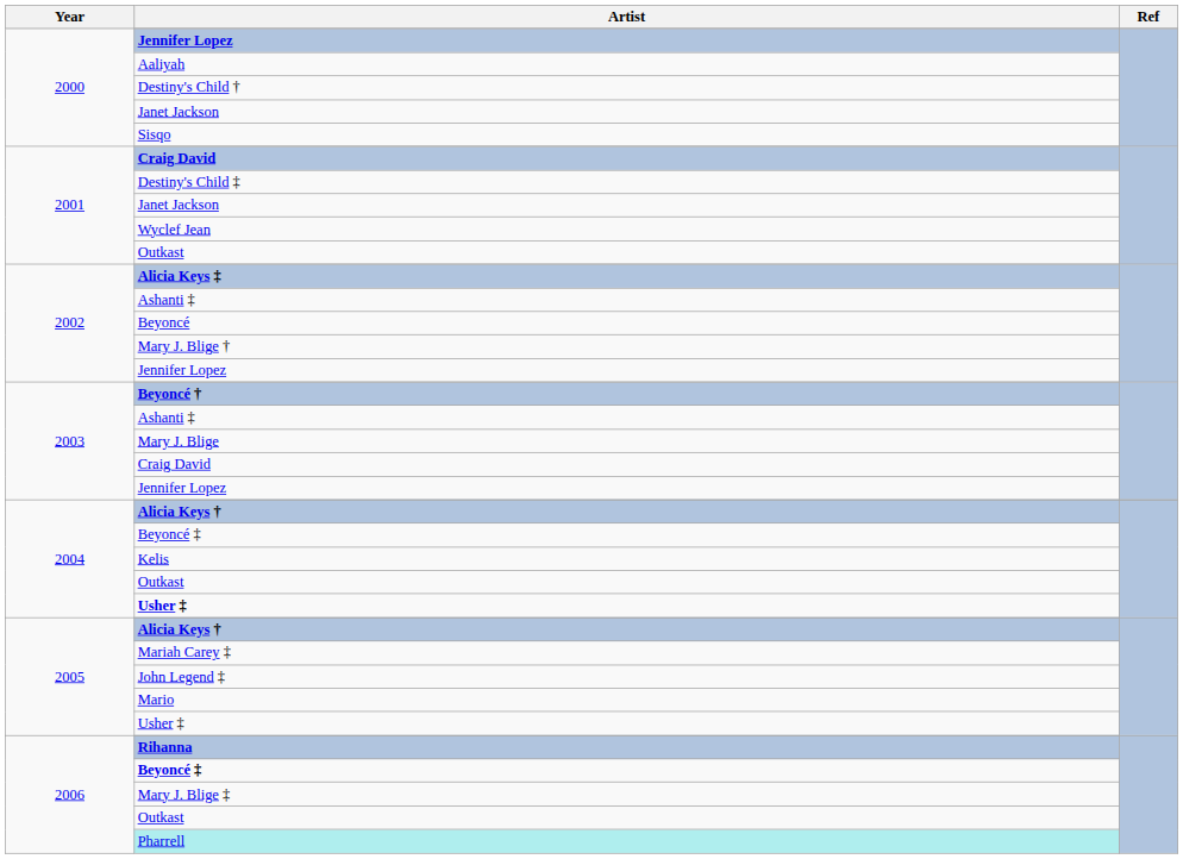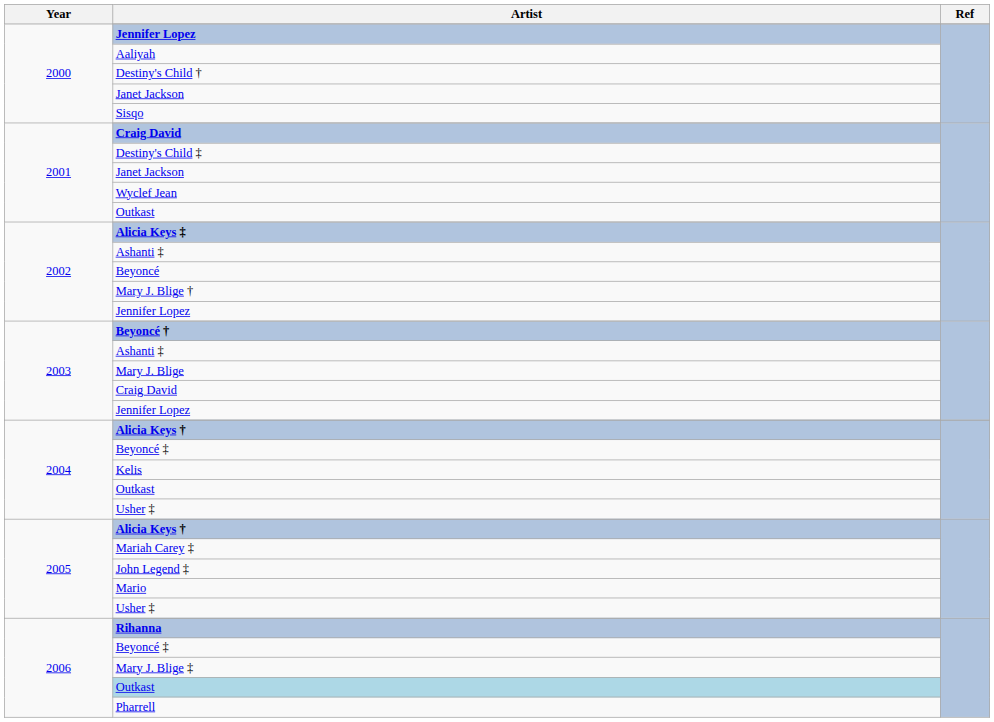 <table class="wikitable" style="width:100%;">
 <tr style="background:#bebebe;">
 <th style="width:11%;">Year</th>
 <th style="width:84%;">Artist</th>
 <th style="width:5%;">Ref</th>
 </tr>
 <tr>
 <td rowspan="6" align="center"><a href='#'>2000</a></td>
 </tr>
 <tr style="background:#B0C4DE">
 <td><strong><a href='#'>Jennifer Lopez</a></strong></td>
 <td rowspan="6" align="center"></td>
 </tr>
 <tr>
 <td><a href='#'>Aaliyah</a></td>
 </tr>
 <tr>
 <td><a href='#'>Destiny's Child</a> †</td>
 </tr>
 <tr>
 <td><a href='#'>Janet Jackson</a></td>
 </tr>
 <tr>
 <td><a href='#'>Sisqo</a></td>
 </tr>
 <tr>
 <td rowspan="6" align="center"><a href='#'>2001</a></td>
 </tr>
 <tr style="background:#B0C4DE">
 <td><strong><a href='#'>Craig David</a></strong></td>
 <td rowspan="6" align="center"></td>
 </tr>
 <tr>
 <td><a href='#'>Destiny's Child</a> ‡</td>
 </tr>
 <tr>
 <td><a href='#'>Janet Jackson</a></td>
 </tr>
 <tr>
 <td><a href='#'>Wyclef Jean</a></td>
 </tr>
 <tr>
 <td><a href='#'>Outkast</a></td>
 </tr>
 <tr>
 <td rowspan="6" align="center"><a href='#'>2002</a></td>
 </tr>
 <tr style="background:#B0C4DE">
 <td><strong><a href='#'>Alicia Keys</a> ‡</strong></td>
 <td rowspan="6" align="center"></td>
 </tr>
 <tr>
 <td><a href='#'>Ashanti</a> ‡</td>
 </tr>
 <tr>
 <td><a href='#'>Beyoncé</a></td>
 </tr>
 <tr>
 <td><a href='#'>Mary J. Blige</a> †</td>
 </tr>
 <tr>
 <td><a href='#'>Jennifer Lopez</a></td>
 </tr>
 <tr>
 <td rowspan="6" align="center"><a href='#'>2003</a></td>
 </tr>
 <tr style="background:#B0C4DE">
 <td><strong><a href='#'>Beyoncé</a> †</strong></td>
 <td rowspan="5" align="center"></td>
 </tr>
 <tr>
 <td><a href='#'>Ashanti</a> ‡</td>
 </tr>
 <tr>
 <td><a href='#'>Mary J. Blige</a></td>
 </tr>
 <tr>
 <td><a href='#'>Craig David</a></td>
 </tr>
 <tr>
 <td><a href='#'>Jennifer Lopez</a></td>
 </tr>
 <tr>
 <td rowspan="6" align="center"><a href='#'>2004</a></td>
 </tr>
 <tr style="background:#B0C4DE">
 <td><strong><a href='#'>Alicia Keys</a> † </strong></td>
 <td rowspan="6" align="center"></td>
 </tr>
 <tr>
 <td><a href='#'>Beyoncé</a> ‡</td>
 </tr>
 <tr>
 <td><a href='#'>Kelis</a></td>
 </tr>
 <tr>
 <td><a href='#'>Outkast</a></td>
 </tr>
 <tr>
-<td><strong><a href='#'>Usher</a> ‡</strong></td>
+<td><a href='#'>Usher</a> ‡</td>
 </tr>
 <tr>
 <td rowspan="6" align="center"><a href='#'>2005</a></td>
 </tr>
 <tr style="background:#B0C4DE">
 <td><strong><a href='#'>Alicia Keys</a> †</strong></td>
 <td rowspan="6" align="center"><br></td>
 </tr>
 <tr>
 <td><a href='#'>Mariah Carey</a> ‡</td>
 </tr>
 <tr>
 <td><a href='#'>John Legend</a> ‡</td>
 </tr>
 <tr>
 <td><a href='#'>Mario</a></td>
 </tr>
 <tr>
 <td><a href='#'>Usher</a> ‡</td>
 </tr>
 <tr>
 <td rowspan="6" align="center"><a href='#'>2006</a></td>
 </tr>
 <tr style="background:#B0C4DE">
 <td><strong><a href='#'>Rihanna</a></strong></td>
 <td rowspan="5" align="center"><br></td>
 </tr>
 <tr>
-<td><strong><a href='#'>Beyoncé</a> ‡</strong></td>
+<td><a href='#'>Beyoncé</a> ‡</td>
 </tr>
 <tr>
 <td><a href='#'>Mary J. Blige</a> ‡</td>
 </tr>
 <tr>
-<td><a href='#'>Outkast</a></td>
+<td style="background: lightblue;"><a href='#'>Outkast</a></td>
 </tr>
 <tr>
-<td style="background: paleturquoise;"><a href='#'>Pharrell</a></td>
+<td><a href='#'>Pharrell</a></td>
 </tr>
 </table>
